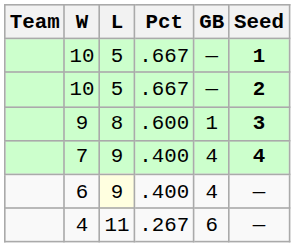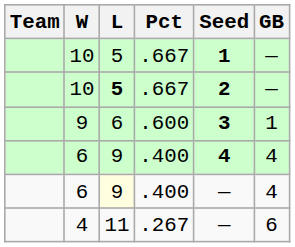 <table class="wikitable">
 <tr>
 <th>Team</th>
 <th>W</th>
 <th>L</th>
 <th>Pct</th>
+<th>Seed</th>
 <th>GB</th>
-<th>Seed</th>
 </tr>
 <tr bgcolor=ccffcc align=center>
 <td></td>
 <td>10</td>
 <td>5</td>
 <td>.667</td>
+<td><strong>1</strong></td>
 <td>—</td>
-<td><strong>1</strong></td>
 </tr>
 <tr bgcolor=ccffcc align=center>
 <td></td>
 <td>10</td>
-<td>5</td>
+<td><strong>5</strong></td>
 <td>.667</td>
+<td><strong>2</strong></td>
 <td>—</td>
-<td><strong>2</strong></td>
 </tr>
 <tr bgcolor=ccffcc align=center>
 <td></td>
 <td>9</td>
-<td>8</td>
+<td>6</td>
 <td>.600</td>
+<td><strong>3</strong></td>
 <td>1</td>
-<td><strong>3</strong></td>
 </tr>
 <tr bgcolor=ccffcc align=center>
 <td></td>
-<td>7</td>
+<td>6</td>
 <td>9</td>
 <td>.400</td>
+<td><strong>4</strong></td>
 <td>4</td>
-<td><strong>4</strong></td>
 </tr>
 <tr align=center>
 <td></td>
 <td>6</td>
 <td style="background: lightyellow;">9</td>
 <td>.400</td>
+<td>—</td>
 <td>4</td>
-<td>—</td>
 </tr>
 <tr align=center>
 <td></td>
 <td>4</td>
 <td>11</td>
 <td>.267</td>
+<td>—</td>
 <td>6</td>
-<td>—</td>
 </tr>
 </table>
